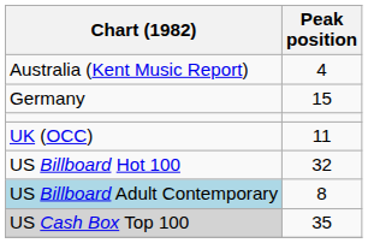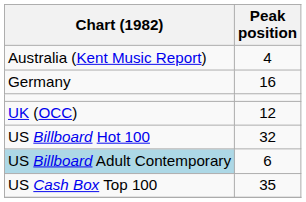 <table class="wikitable sortable">
 <tr>
 <th>Chart (1982)</th>
 <th>Peak<br>position</th>
 </tr>
 <tr>
 <td>Australia (<a href='#'>Kent Music Report</a>)</td>
 <td style="text-align:center;">4</td>
 </tr>
 <tr>
 <td>Germany</td>
-<td style="text-align:center;">15</td>
+<td style="text-align:center;">16</td>
 </tr>
 <tr>
 <td></td>
 </tr>
 <tr>
 <td><a href='#'>UK</a> (<a href='#'>OCC</a>)</td>
-<td style="text-align:center;">11</td>
+<td style="text-align:center;">12</td>
 </tr>
 <tr>
 <td>US <em><a href='#'>Billboard</a></em> <a href='#'>Hot 100</a></td>
 <td style="text-align:center;">32</td>
 </tr>
 <tr>
 <td style="background: lightblue;">US <em><a href='#'>Billboard</a></em> Adult Contemporary</td>
-<td style="text-align:center;">8</td>
+<td style="text-align:center;">6</td>
 </tr>
 <tr>
-<td style="background: lightgrey;">US <a href='#'><em>Cash Box</em></a> Top 100</td>
+<td>US <a href='#'><em>Cash Box</em></a> Top 100</td>
 <td align="center">35</td>
 </tr>
 <tr>
 </tr>
 </table>
